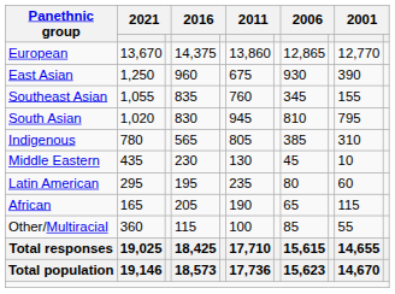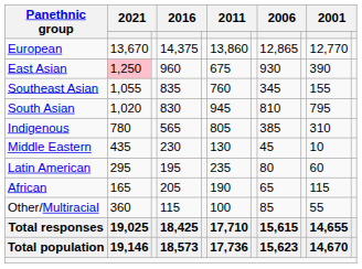 <table class="wikitable collapsible sortable">
 <tr>
 <th rowspan="2"><a href='#'>Panethnic</a><br>group</th>
 <th colspan="2">2021</th>
 <th colspan="2">2016</th>
 <th colspan="2">2011</th>
 <th colspan="2">2006</th>
 <th colspan="2">2001</th>
 </tr>
 <tr>
 <th><a href='#'></a></th>
 <th></th>
 <th></th>
 <th></th>
 <th></th>
 <th></th>
 <th></th>
 <th></th>
 <th></th>
 <th></th>
 </tr>
 <tr>
 <td><a href='#'>European</a></td>
 <td>13,670</td>
 <td></td>
 <td>14,375</td>
 <td></td>
 <td>13,860</td>
 <td></td>
 <td>12,865</td>
 <td></td>
 <td>12,770</td>
 <td></td>
 </tr>
 <tr>
 <td><a href='#'>East Asian</a></td>
-<td>1,250</td>
+<td style="background: pink;">1,250</td>
 <td></td>
 <td>960</td>
 <td></td>
 <td>675</td>
 <td></td>
 <td>930</td>
 <td></td>
 <td>390</td>
 <td></td>
 </tr>
 <tr>
 <td><a href='#'>Southeast Asian</a></td>
 <td>1,055</td>
 <td></td>
 <td>835</td>
 <td></td>
 <td>760</td>
 <td></td>
 <td>345</td>
 <td></td>
 <td>155</td>
 <td></td>
 </tr>
 <tr>
 <td><a href='#'>South Asian</a></td>
 <td>1,020</td>
 <td></td>
 <td>830</td>
 <td></td>
 <td>945</td>
 <td></td>
 <td>810</td>
 <td></td>
 <td>795</td>
 <td></td>
 </tr>
 <tr>
 <td><a href='#'>Indigenous</a></td>
 <td>780</td>
 <td></td>
 <td>565</td>
 <td></td>
 <td>805</td>
 <td></td>
 <td>385</td>
 <td></td>
 <td>310</td>
 <td></td>
 </tr>
 <tr>
 <td><a href='#'>Middle Eastern</a></td>
 <td>435</td>
 <td></td>
 <td>230</td>
 <td></td>
 <td>130</td>
 <td></td>
 <td>45</td>
 <td></td>
 <td>10</td>
 <td></td>
 </tr>
 <tr>
 <td><a href='#'>Latin American</a></td>
 <td>295</td>
 <td></td>
 <td>195</td>
 <td></td>
 <td>235</td>
 <td></td>
 <td>80</td>
 <td></td>
 <td>60</td>
 <td></td>
 </tr>
 <tr>
 <td><a href='#'>African</a></td>
 <td>165</td>
 <td></td>
 <td>205</td>
 <td></td>
 <td>190</td>
 <td></td>
 <td>65</td>
 <td></td>
 <td>115</td>
 <td></td>
 </tr>
 <tr>
 <td>Other/<a href='#'>Multiracial</a></td>
 <td>360</td>
 <td></td>
 <td>115</td>
 <td></td>
 <td>100</td>
 <td></td>
 <td>85</td>
 <td></td>
 <td>55</td>
 <td></td>
 </tr>
 <tr>
 <th>Total responses</th>
 <th>19,025</th>
 <th></th>
 <th>18,425</th>
 <th></th>
 <th>17,710</th>
 <th></th>
 <th>15,615</th>
 <th></th>
 <th>14,655</th>
 <th></th>
 </tr>
 <tr>
 <th>Total population</th>
 <th>19,146</th>
 <th></th>
 <th>18,573</th>
 <th></th>
 <th>17,736</th>
 <th></th>
 <th>15,623</th>
 <th></th>
 <th>14,670</th>
 <th></th>
 </tr>
 <tr class="sortbottom">
 <td colspan="15"></td>
 </tr>
 </table>
